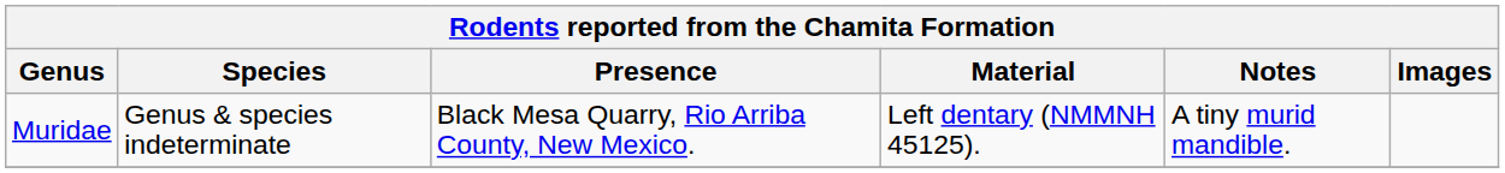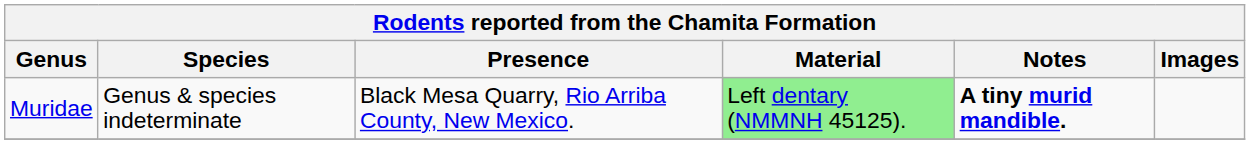 <table class="wikitable" align="center">
 <tr>
 <th colspan="6" align="center"><strong><a href='#'>Rodents</a> reported from the Chamita Formation</strong></th>
 </tr>
 <tr>
 <th>Genus</th>
 <th>Species</th>
 <th>Presence</th>
 <th><strong>Material</strong></th>
 <th>Notes</th>
 <th>Images</th>
 </tr>
 <tr>
 <td><a href='#'>Muridae</a></td>
 <td>Genus & species indeterminate</td>
 <td>Black Mesa Quarry, <a href='#'>Rio Arriba County, New Mexico</a>.</td>
-<td>Left <a href='#'>dentary</a> (<a href='#'>NMMNH</a> 45125).</td>
-<td>A tiny <a href='#'>murid</a> <a href='#'>mandible</a>.</td>
+<td style="background: lightgreen;">Left <a href='#'>dentary</a> (<a href='#'>NMMNH</a> 45125).</td>
+<td><strong>A tiny <a href='#'>murid</a> <a href='#'>mandible</a>.</strong></td>
 <td></td>
 </tr>
 <tr>
 </tr>
 </table>
